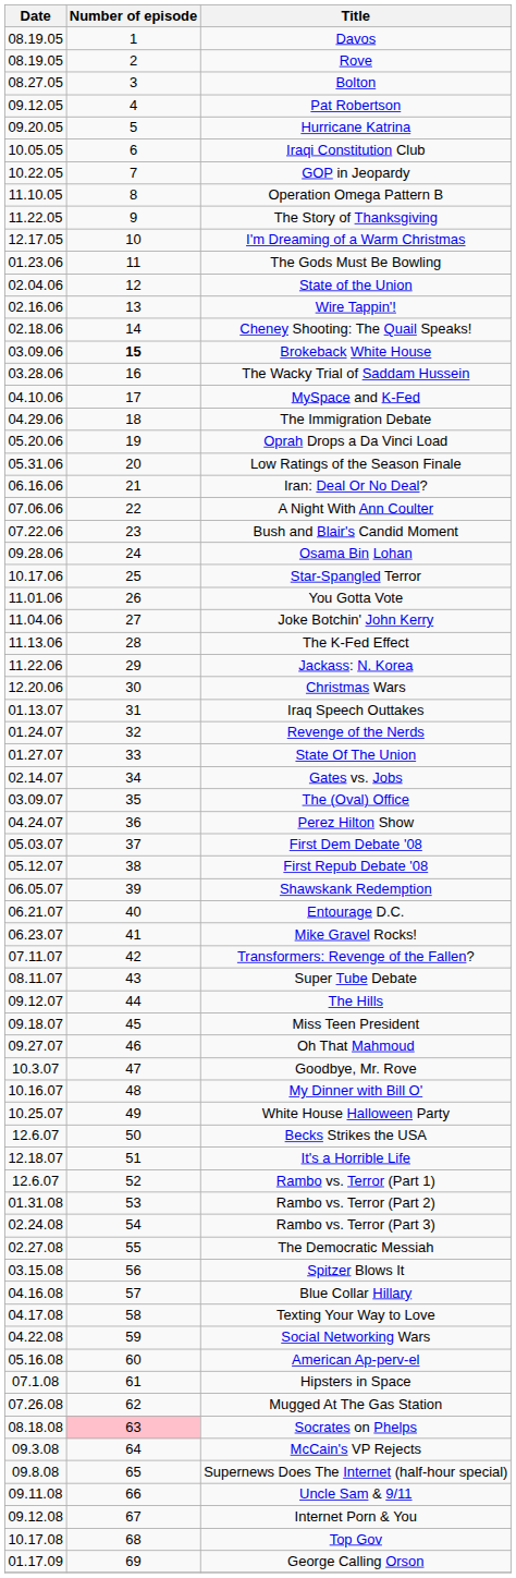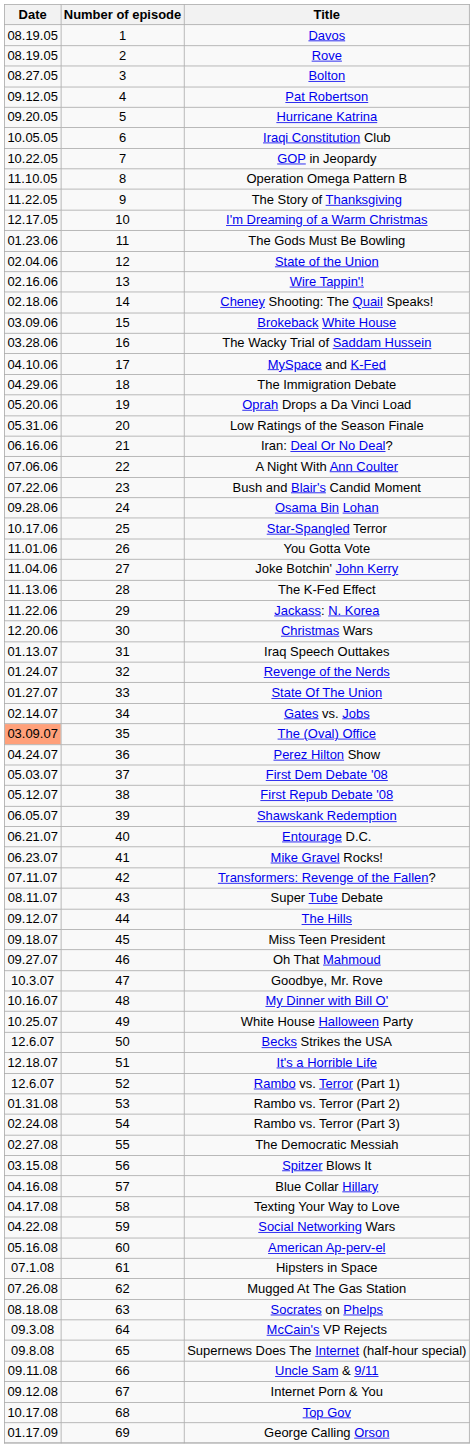 <table class="wikitable">
 <tr>
 <th>Date</th>
 <th>Number of episode</th>
 <th>Title</th>
 </tr>
 <tr>
 <td align="center">08.19.05</td>
 <td align="center">1</td>
 <td align="center"><a href='#'>Davos</a></td>
 </tr>
 <tr>
 <td align="center">08.19.05</td>
 <td align="center">2</td>
 <td align="center"><a href='#'>Rove</a></td>
 </tr>
 <tr>
 <td align="center">08.27.05</td>
 <td align="center">3</td>
 <td align="center"><a href='#'>Bolton</a></td>
 </tr>
 <tr>
 <td align="center">09.12.05</td>
 <td align="center">4</td>
 <td align="center"><a href='#'>Pat Robertson</a></td>
 </tr>
 <tr>
 <td align="center">09.20.05</td>
 <td align="center">5</td>
 <td align="center"><a href='#'>Hurricane Katrina</a></td>
 </tr>
 <tr>
 <td align="center">10.05.05</td>
 <td align="center">6</td>
 <td align="center"><a href='#'>Iraqi Constitution</a> Club</td>
 </tr>
 <tr>
 <td align="center">10.22.05</td>
 <td align="center">7</td>
 <td align="center"><a href='#'>GOP</a> in Jeopardy</td>
 </tr>
 <tr>
 <td align="center">11.10.05</td>
 <td align="center">8</td>
 <td align="center">Operation Omega Pattern B</td>
 </tr>
 <tr>
 <td align="center">11.22.05</td>
 <td align="center">9</td>
 <td align="center">The Story of <a href='#'>Thanksgiving</a></td>
 </tr>
 <tr>
 <td align="center">12.17.05</td>
 <td align="center">10</td>
 <td align="center"><a href='#'>I'm Dreaming of a Warm Christmas</a></td>
 </tr>
 <tr>
 <td align="center">01.23.06</td>
 <td align="center">11</td>
 <td align="center">The Gods Must Be Bowling</td>
 </tr>
 <tr>
 <td align="center">02.04.06</td>
 <td align="center">12</td>
 <td align="center"><a href='#'>State of the Union</a></td>
 </tr>
 <tr>
 <td align="center">02.16.06</td>
 <td align="center">13</td>
 <td align="center"><a href='#'>Wire Tappin'!</a></td>
 </tr>
 <tr>
 <td align="center">02.18.06</td>
 <td align="center">14</td>
 <td align="center"><a href='#'>Cheney</a> Shooting: The <a href='#'>Quail</a> Speaks!</td>
 </tr>
 <tr>
 <td align="center">03.09.06</td>
-<td align="center"><strong>15</strong></td>
+<td align="center">15</td>
 <td align="center"><a href='#'>Brokeback</a> <a href='#'>White House</a></td>
 </tr>
 <tr>
 <td align="center">03.28.06</td>
 <td align="center">16</td>
 <td align="center">The Wacky Trial of <a href='#'>Saddam Hussein</a></td>
 </tr>
 <tr>
 <td align="center">04.10.06</td>
 <td align="center">17</td>
 <td align="center"><a href='#'>MySpace</a> and <a href='#'>K-Fed</a></td>
 </tr>
 <tr>
 <td align="center">04.29.06</td>
 <td align="center">18</td>
 <td align="center">The Immigration Debate</td>
 </tr>
 <tr>
 <td align="center">05.20.06</td>
 <td align="center">19</td>
 <td align="center"><a href='#'>Oprah</a> Drops a Da Vinci Load</td>
 </tr>
 <tr>
 <td align="center">05.31.06</td>
 <td align="center">20</td>
 <td align="center">Low Ratings of the Season Finale</td>
 </tr>
 <tr>
 <td align="center">06.16.06</td>
 <td align="center">21</td>
 <td align="center">Iran: <a href='#'>Deal Or No Deal</a>?</td>
 </tr>
 <tr>
 <td align="center">07.06.06</td>
 <td align="center">22</td>
 <td align="center">A Night With <a href='#'>Ann Coulter</a></td>
 </tr>
 <tr>
 <td align="center">07.22.06</td>
 <td align="center">23</td>
 <td align="center">Bush and <a href='#'>Blair's</a> Candid Moment</td>
 </tr>
 <tr>
 <td align="center">09.28.06</td>
 <td align="center">24</td>
 <td align="center"><a href='#'>Osama Bin</a> <a href='#'>Lohan</a></td>
 </tr>
 <tr>
 <td align="center">10.17.06</td>
 <td align="center">25</td>
 <td align="center"><a href='#'>Star-Spangled</a> Terror</td>
 </tr>
 <tr>
 <td align="center">11.01.06</td>
 <td align="center">26</td>
 <td align="center">You Gotta Vote</td>
 </tr>
 <tr>
 <td align="center">11.04.06</td>
 <td align="center">27</td>
 <td align="center">Joke Botchin' <a href='#'>John Kerry</a></td>
 </tr>
 <tr>
 <td align="center">11.13.06</td>
 <td align="center">28</td>
 <td align="center">The K-Fed Effect</td>
 </tr>
 <tr>
 <td align="center">11.22.06</td>
 <td align="center">29</td>
 <td align="center"><a href='#'>Jackass</a>: <a href='#'>N. Korea</a></td>
 </tr>
 <tr>
 <td align="center">12.20.06</td>
 <td align="center">30</td>
 <td align="center"><a href='#'>Christmas</a> Wars</td>
 </tr>
 <tr>
 <td align="center">01.13.07</td>
 <td align="center">31</td>
 <td align="center">Iraq Speech Outtakes</td>
 </tr>
 <tr>
 <td align="center">01.24.07</td>
 <td align="center">32</td>
 <td align="center"><a href='#'>Revenge of the Nerds</a></td>
 </tr>
 <tr>
 <td align="center">01.27.07</td>
 <td align="center">33</td>
 <td align="center"><a href='#'>State Of The Union</a></td>
 </tr>
 <tr>
 <td align="center">02.14.07</td>
 <td align="center">34</td>
 <td align="center"><a href='#'>Gates</a> vs. <a href='#'>Jobs</a></td>
 </tr>
 <tr>
-<td align="center">03.09.07</td>
+<td align="center" style="background: lightsalmon;">03.09.07</td>
 <td align="center">35</td>
 <td align="center"><a href='#'>The (Oval) Office</a></td>
 </tr>
 <tr>
 <td align="center">04.24.07</td>
 <td align="center">36</td>
 <td align="center"><a href='#'>Perez Hilton</a> Show</td>
 </tr>
 <tr>
 <td align="center">05.03.07</td>
 <td align="center">37</td>
 <td align="center"><a href='#'>First Dem Debate '08</a></td>
 </tr>
 <tr>
 <td align="center">05.12.07</td>
 <td align="center">38</td>
 <td align="center"><a href='#'>First Repub Debate '08</a></td>
 </tr>
 <tr>
 <td align="center">06.05.07</td>
 <td align="center">39</td>
 <td align="center"><a href='#'>Shawskank Redemption</a></td>
 </tr>
 <tr>
 <td align="center">06.21.07</td>
 <td align="center">40</td>
 <td align="center"><a href='#'>Entourage</a> D.C.</td>
 </tr>
 <tr>
 <td align="center">06.23.07</td>
 <td align="center">41</td>
 <td align="center"><a href='#'>Mike Gravel</a> Rocks!</td>
 </tr>
 <tr>
 <td align="center">07.11.07</td>
 <td align="center">42</td>
 <td align="center"><a href='#'>Transformers: Revenge of the Fallen</a>?</td>
 </tr>
 <tr>
 <td align="center">08.11.07</td>
 <td align="center">43</td>
 <td align="center">Super <a href='#'>Tube</a> Debate</td>
 </tr>
 <tr>
 <td align="center">09.12.07</td>
 <td align="center">44</td>
 <td align="center"><a href='#'>The Hills</a></td>
 </tr>
 <tr>
 <td align="center">09.18.07</td>
 <td align="center">45</td>
 <td align="center">Miss Teen President</td>
 </tr>
 <tr>
 <td align="center">09.27.07</td>
 <td align="center">46</td>
 <td align="center">Oh That <a href='#'>Mahmoud</a></td>
 </tr>
 <tr>
 <td align="center">10.3.07</td>
 <td align="center">47</td>
 <td align="center">Goodbye, Mr. Rove</td>
 </tr>
 <tr>
 <td align="center">10.16.07</td>
 <td align="center">48</td>
 <td align="center"><a href='#'>My Dinner with Bill O'</a></td>
 </tr>
 <tr>
 <td align="center">10.25.07</td>
 <td align="center">49</td>
 <td align="center">White House <a href='#'>Halloween</a> Party</td>
 </tr>
 <tr>
 <td align="center">12.6.07</td>
 <td align="center">50</td>
 <td align="center"><a href='#'>Becks</a> Strikes the USA</td>
 </tr>
 <tr>
 <td align="center">12.18.07</td>
 <td align="center">51</td>
 <td align="center"><a href='#'>It's a Horrible Life</a></td>
 </tr>
 <tr>
 <td align="center">12.6.07</td>
 <td align="center">52</td>
 <td align="center"><a href='#'>Rambo</a> vs. <a href='#'>Terror</a> (Part 1)</td>
 </tr>
 <tr>
 <td align="center">01.31.08</td>
 <td align="center">53</td>
 <td align="center">Rambo vs. Terror (Part 2)</td>
 </tr>
 <tr>
 <td align="center">02.24.08</td>
 <td align="center">54</td>
 <td align="center">Rambo vs. Terror (Part 3)</td>
 </tr>
 <tr>
 <td align="center">02.27.08</td>
 <td align="center">55</td>
 <td align="center">The Democratic Messiah</td>
 </tr>
 <tr>
 <td align="center">03.15.08</td>
 <td align="center">56</td>
 <td align="center"><a href='#'>Spitzer</a> Blows It</td>
 </tr>
 <tr>
 <td align="center">04.16.08</td>
 <td align="center">57</td>
 <td align="center">Blue Collar <a href='#'>Hillary</a></td>
 </tr>
 <tr>
 <td align="center">04.17.08</td>
 <td align="center">58</td>
 <td align="center">Texting Your Way to Love</td>
 </tr>
 <tr>
 <td align="center">04.22.08</td>
 <td align="center">59</td>
 <td align="center"><a href='#'>Social Networking</a> Wars</td>
 </tr>
 <tr>
 <td align="center">05.16.08</td>
 <td align="center">60</td>
 <td align="center"><a href='#'>American Ap-perv-el</a></td>
 </tr>
 <tr>
 <td align="center">07.1.08</td>
 <td align="center">61</td>
 <td align="center">Hipsters in Space</td>
 </tr>
 <tr>
 <td align="center">07.26.08</td>
 <td align="center">62</td>
 <td align="center">Mugged At The Gas Station</td>
 </tr>
 <tr>
 <td align="center">08.18.08</td>
-<td align="center" style="background: pink;">63</td>
+<td align="center">63</td>
 <td align="center"><a href='#'>Socrates</a> on <a href='#'>Phelps</a></td>
 </tr>
 <tr>
 <td align="center">09.3.08</td>
 <td align="center">64</td>
 <td align="center"><a href='#'>McCain's</a> VP Rejects</td>
 </tr>
 <tr>
 <td align="center">09.8.08</td>
 <td align="center">65</td>
 <td align="center">Supernews Does The <a href='#'>Internet</a> (half-hour special)</td>
 </tr>
 <tr>
 <td align="center">09.11.08</td>
 <td align="center">66</td>
 <td align="center"><a href='#'>Uncle Sam</a> & <a href='#'>9/11</a></td>
 </tr>
 <tr>
 <td align="center">09.12.08</td>
 <td align="center">67</td>
 <td align="center">Internet Porn & You</td>
 </tr>
 <tr>
 <td align="center">10.17.08</td>
 <td align="center">68</td>
 <td align="center"><a href='#'>Top Gov</a></td>
 </tr>
 <tr>
 <td align="center">01.17.09</td>
 <td align="center">69</td>
 <td align="center">George Calling <a href='#'>Orson</a></td>
 </tr>
 <tr>
 </tr>
 </table>
